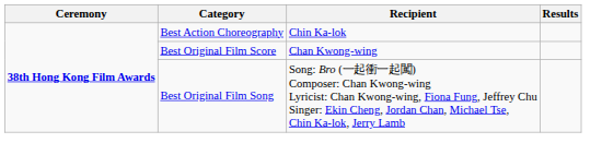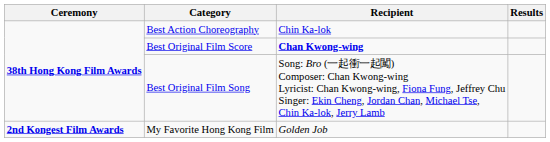 <table class="wikitable">
 <tr>
 <th>Ceremony</th>
 <th>Category</th>
 <th>Recipient</th>
 <th>Results</th>
 </tr>
 <tr>
 <td rowspan=3><strong><a href='#'>38th Hong Kong Film Awards</a></strong></td>
 <td><a href='#'>Best Action Choreography</a></td>
 <td><a href='#'>Chin Ka-lok</a></td>
 <td></td>
 </tr>
 <tr>
 <td><a href='#'>Best Original Film Score</a></td>
-<td><a href='#'>Chan Kwong-wing</a></td>
+<td><strong><a href='#'>Chan Kwong-wing</a></strong></td>
 <td></td>
 </tr>
 <tr>
 <td><a href='#'>Best Original Film Song</a></td>
 <td>Song: <em>Bro</em> (一起衝一起闖)<br>Composer: Chan Kwong-wing <br>Lyricist: Chan Kwong-wing, <a href='#'>Fiona Fung</a>, Jeffrey Chu <br>Singer: <a href='#'>Ekin Cheng</a>, <a href='#'>Jordan Chan</a>, <a href='#'>Michael Tse</a>,<br><a href='#'>Chin Ka-lok</a>, <a href='#'>Jerry Lamb</a></td>
 <td></td>
 </tr>
+<tr>
+<td><strong><a href='#'>2nd Kongest Film Awards</a></strong></td>
+<td>My Favorite Hong Kong Film</td>
+<td><em>Golden Job</em></td>
+<td></td>
+</tr>
 </table>
